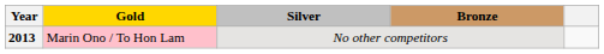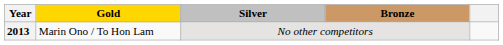 <table class="wikitable unsortable" style="text-align:left; width:80%">
 <tr>
 <th scope="col" style="text-align:center; width:5%">Year</th>
 <td scope="col" style="text-align:center; width:25%; background:gold"><strong>Gold</strong></td>
 <td scope="col" style="text-align:center; width:25%; background:silver"><strong>Silver</strong></td>
 <td scope="col" style="text-align:center; width:25%; background:#c96"><strong>Bronze</strong></td>
 <th scope="col" style="text-align:center; width:5%"></th>
 </tr>
 <tr>
 <th scope="row" style="text-align:left">2013</th>
-<td style="background: pink;">Marin Ono / To Hon Lam</td>
+<td>Marin Ono / To Hon Lam</td>
 <td colspan="2" align="center" bgcolor="e5e4e2"><em>No other competitors</em></td>
 <td></td>
 </tr>
 </table>
